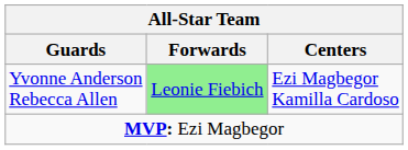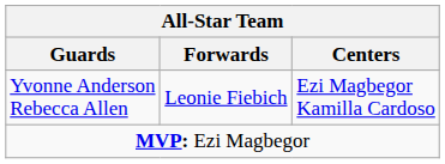 <table class=wikitable style="margin:auto">
 <tr>
 <th colspan=3 align=center>All-Star Team</th>
 </tr>
 <tr>
 <th>Guards</th>
 <th>Forwards</th>
 <th>Centers</th>
 </tr>
 <tr>
 <td> <a href='#'>Yvonne Anderson</a><br> <a href='#'>Rebecca Allen</a></td>
-<td valign=center style="background: lightgreen;"> <a href='#'>Leonie Fiebich</a></td>
+<td valign=center> <a href='#'>Leonie Fiebich</a></td>
 <td> <a href='#'>Ezi Magbegor</a><br> <a href='#'>Kamilla Cardoso</a></td>
 </tr>
 <tr>
 <td colspan=3 align=center><strong><a href='#'>MVP</a>:</strong>  Ezi Magbegor</td>
 </tr>
 </table>
